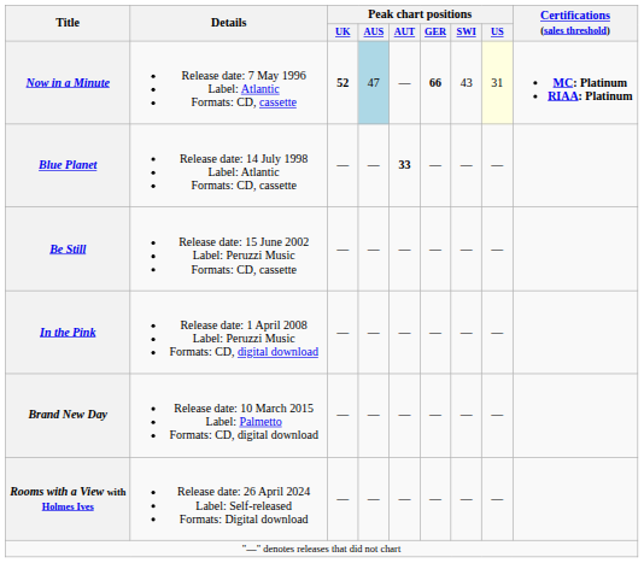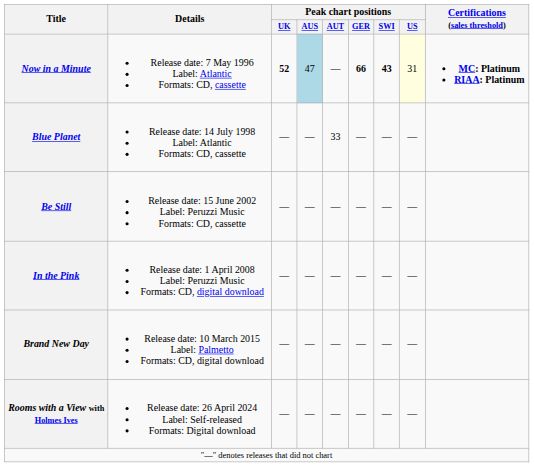 <table class="wikitable plainrowheaders" style="text-align:center;">
 <tr>
 <th rowspan="2" style="width:10em;">Title</th>
 <th rowspan="2" style="width:16em;">Details</th>
 <th colspan="6">Peak chart positions</th>
 <th rowspan="2" style="width:10em;"><a href='#'>Certifications</a><br><small>(<a href='#'>sales threshold</a>)</small></th>
 </tr>
 <tr style="font-size:smaller;">
 <th style="width:35px;"><a href='#'>UK</a><br></th>
 <th style="width:35px;"><a href='#'>AUS</a><br></th>
 <th style="width:35px;"><a href='#'>AUT</a><br></th>
 <th style="width:35px;"><a href='#'>GER</a><br></th>
 <th style="width:35px;"><a href='#'>SWI</a><br></th>
 <th style="width:35px;"><a href='#'>US</a><br></th>
 </tr>
 <tr>
 <th scope="row"><em><a href='#'>Now in a Minute</a></em></th>
 <td><br><ul><li>Release date: 7 May 1996</li><li>Label: <a href='#'>Atlantic</a></li><li>Formats: CD, <a href='#'>cassette</a></li></ul></td>
 <td><strong>52</strong></td>
 <td style="background: lightblue;">47</td>
 <td>—</td>
 <td><strong>66</strong></td>
-<td>43</td>
+<td><strong>43</strong></td>
 <td style="background: lightyellow;">31</td>
 <td><strong><br><ul><li><a href='#'>MC</a>: Platinum</li><li><a href='#'>RIAA</a>: Platinum</li></ul></strong></td>
 </tr>
 <tr>
 <th scope="row"><em><a href='#'>Blue Planet</a></em></th>
 <td><br><ul><li>Release date: 14 July 1998</li><li>Label: Atlantic</li><li>Formats: CD, cassette</li></ul></td>
 <td>—</td>
 <td>—</td>
-<td><strong>33</strong></td>
+<td>33</td>
 <td>—</td>
 <td>—</td>
 <td>—</td>
 <td></td>
 </tr>
 <tr>
 <th scope="row"><em><a href='#'>Be Still</a></em></th>
 <td><br><ul><li>Release date: 15 June 2002</li><li>Label: Peruzzi Music</li><li>Formats: CD, cassette</li></ul></td>
 <td>—</td>
 <td>—</td>
 <td>—</td>
 <td>—</td>
 <td>—</td>
 <td>—</td>
 <td></td>
 </tr>
 <tr>
 <th scope="row"><em><a href='#'>In the Pink</a></em></th>
 <td><br><ul><li>Release date: 1 April 2008</li><li>Label: Peruzzi Music</li><li>Formats: CD, <a href='#'>digital download</a></li></ul></td>
 <td>—</td>
 <td>—</td>
 <td>—</td>
 <td>—</td>
 <td>—</td>
 <td>—</td>
 <td></td>
 </tr>
 <tr>
 <th scope="row"><em>Brand New Day</em></th>
 <td><br><ul><li>Release date: 10 March 2015</li><li>Label: <a href='#'>Palmetto</a></li><li>Formats: CD, digital download</li></ul></td>
 <td>—</td>
 <td>—</td>
 <td>—</td>
 <td>—</td>
 <td>—</td>
 <td>—</td>
 <td></td>
 </tr>
 <tr>
 <th scope="row"><em>Rooms with a View</em> <small> with <a href='#'>Holmes Ives</a></small></th>
 <td><br><ul><li>Release date: 26 April 2024</li><li>Label: Self-released</li><li>Formats: Digital download</li></ul></td>
 <td>—</td>
 <td>—</td>
 <td>—</td>
 <td>—</td>
 <td>—</td>
 <td>—</td>
 <td></td>
 </tr>
 <tr>
 <td colspan="15" style="font-size:85%">"—" denotes releases that did not chart</td>
 </tr>
 </table>
